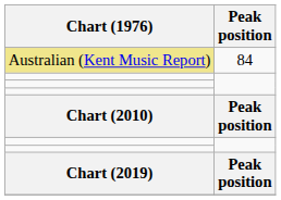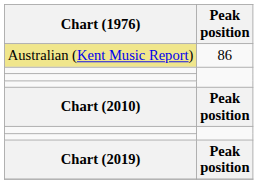 <table class="wikitable plainrowheaders sortable">
 <tr>
 <th align="left">Chart (1976)</th>
 <th align="center">Peak<br>position</th>
 </tr>
 <tr>
 <td style="background: khaki;">Australian (<a href='#'>Kent Music Report</a>)</td>
-<td style="text-align:center;">84</td>
+<td style="text-align:center;">86</td>
 </tr>
 <tr>
 <td></td>
 </tr>
 <tr>
 <td></td>
 </tr>
 <tr>
 <td></td>
 </tr>
 <tr>
 <th align="left">Chart (2010)</th>
 <th align="center">Peak<br>position</th>
 </tr>
 <tr>
 <td></td>
 </tr>
 <tr>
 <td></td>
 </tr>
 <tr>
 <th align="left">Chart (2019)</th>
 <th align="center">Peak<br>position</th>
 </tr>
 <tr>
 </tr>
 </table>
